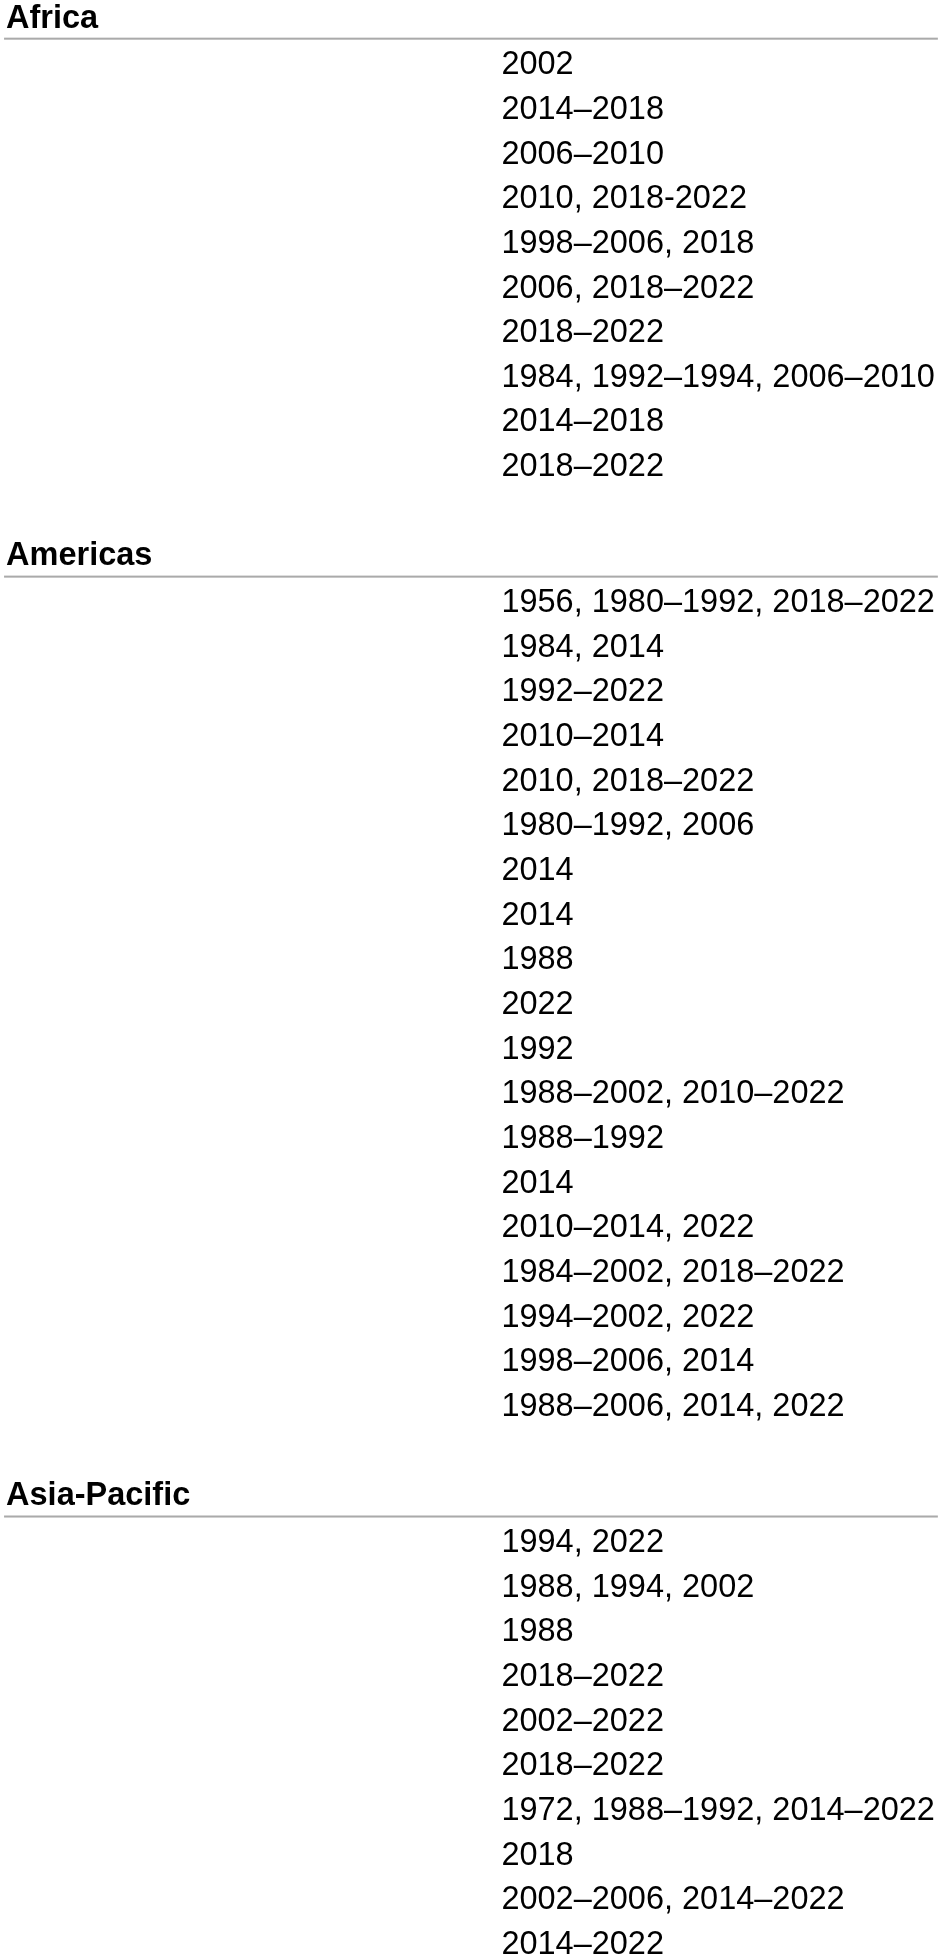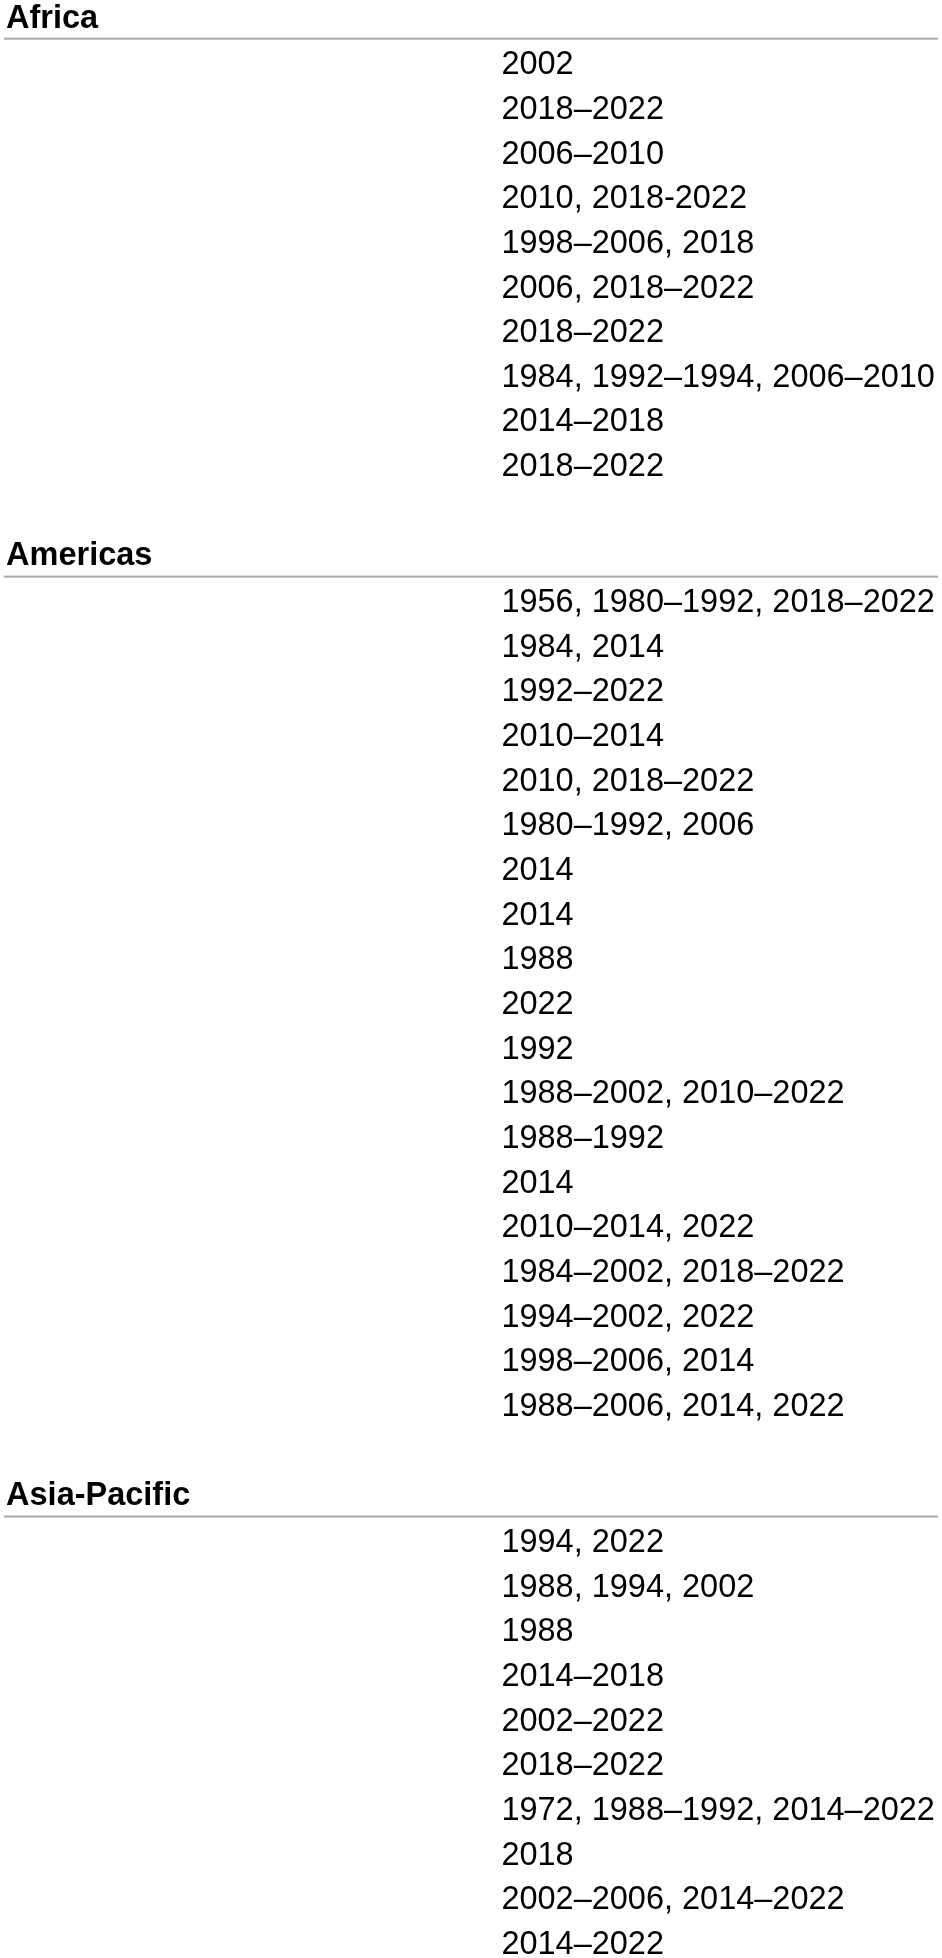 <table>
 <tr>
 <td colspan=2 style="border-bottom: 1px solid #aaa"><strong>Africa</strong></td>
 </tr>
 <tr>
 <td style="width:15em"></td>
 <td>2002</td>
 </tr>
 <tr>
 <td></td>
-<td>2014–2018</td>
+<td>2018–2022</td>
 </tr>
 <tr>
 <td></td>
 <td>2006–2010</td>
 </tr>
 <tr>
 <td></td>
 <td>2010, 2018-2022</td>
 </tr>
 <tr>
 <td></td>
 <td>1998–2006, 2018</td>
 </tr>
 <tr>
 <td></td>
 <td>2006, 2018–2022</td>
 </tr>
 <tr>
 <td></td>
 <td>2018–2022</td>
 </tr>
 <tr>
 <td></td>
 <td>1984, 1992–1994, 2006–2010</td>
 </tr>
 <tr>
 <td></td>
 <td>2014–2018</td>
 </tr>
 <tr>
 <td></td>
 <td>2018–2022</td>
 </tr>
 <tr>
 <td> </td>
 <td></td>
 </tr>
 <tr>
 <td colspan=2 style="border-bottom: 1px solid #aaa"><strong>Americas</strong></td>
 </tr>
 <tr>
 <td></td>
 <td>1956, 1980–1992, 2018–2022</td>
 </tr>
 <tr>
 <td></td>
 <td>1984, 2014</td>
 </tr>
 <tr>
 <td></td>
 <td>1992–2022</td>
 </tr>
 <tr>
 <td></td>
 <td>2010–2014</td>
 </tr>
 <tr>
 <td></td>
 <td>2010, 2018–2022</td>
 </tr>
 <tr>
 <td></td>
 <td>1980–1992, 2006</td>
 </tr>
 <tr>
 <td></td>
 <td>2014</td>
 </tr>
 <tr>
 <td></td>
 <td>2014</td>
 </tr>
 <tr>
 <td></td>
 <td>1988</td>
 </tr>
 <tr>
 <td></td>
 <td>2022</td>
 </tr>
 <tr>
 <td></td>
 <td>1992</td>
 </tr>
 <tr>
 <td></td>
 <td>1988–2002, 2010–2022</td>
 </tr>
 <tr>
 <td></td>
 <td>1988–1992</td>
 </tr>
 <tr>
 <td></td>
 <td>2014</td>
 </tr>
 <tr>
 <td></td>
 <td>2010–2014, 2022</td>
 </tr>
 <tr>
 <td></td>
 <td>1984–2002, 2018–2022</td>
 </tr>
 <tr>
 <td></td>
 <td>1994–2002, 2022</td>
 </tr>
 <tr>
 <td></td>
 <td>1998–2006, 2014</td>
 </tr>
 <tr>
 <td></td>
 <td>1988–2006, 2014, 2022</td>
 </tr>
 <tr>
 <td> </td>
 <td></td>
 </tr>
 <tr>
 <td colspan=2 style="border-bottom: 1px solid #aaa"><strong>Asia-Pacific</strong></td>
 </tr>
 <tr>
 <td></td>
 <td>1994, 2022</td>
 </tr>
 <tr>
 <td></td>
 <td>1988, 1994, 2002</td>
 </tr>
 <tr>
 <td></td>
 <td>1988</td>
 </tr>
 <tr>
 <td></td>
-<td>2018–2022</td>
+<td>2014–2018</td>
 </tr>
 <tr>
 <td></td>
 <td>2002–2022</td>
 </tr>
 <tr>
 <td></td>
 <td>2018–2022</td>
 </tr>
 <tr>
 <td></td>
 <td>1972, 1988–1992, 2014–2022</td>
 </tr>
 <tr>
 <td></td>
 <td>2018</td>
 </tr>
 <tr>
 <td></td>
 <td>2002–2006, 2014–2022</td>
 </tr>
 <tr>
 <td></td>
 <td>2014–2022</td>
 </tr>
 </table>
